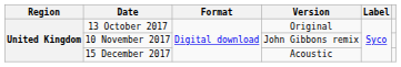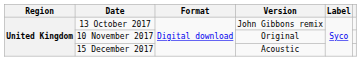 <table class="wikitable plainrowheaders" style="text-align:center;">
 <tr>
 <th>Region</th>
 <th>Date</th>
 <th>Format</th>
 <th>Version</th>
 <th>Label</th>
 <th></th>
 </tr>
 <tr>
 <th scope="row" rowspan="3">United Kingdom</th>
 <td>13 October 2017</td>
 <td rowspan="3"><a href='#'>Digital download</a></td>
-<td>Original</td>
+<td>John Gibbons remix</td>
 <td rowspan="3"><a href='#'>Syco</a></td>
 <td></td>
 </tr>
 <tr>
 <td>10 November 2017</td>
-<td>John Gibbons remix</td>
+<td>Original</td>
 <td></td>
 </tr>
 <tr>
 <td>15 December 2017</td>
 <td>Acoustic</td>
 <td></td>
 </tr>
 </table>
